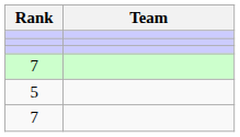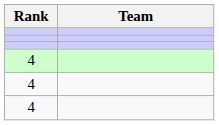 <table class="wikitable" style="text-align: center;">
 <tr>
 <th width=50>Rank</th>
 <th width=160>Team</th>
 </tr>
 <tr bgcolor=ccccff>
 <td></td>
 <td align=left></td>
 </tr>
 <tr bgcolor=ccccff>
 <td></td>
 <td align=left></td>
 </tr>
 <tr bgcolor=ccccff>
 <td></td>
 <td align=left></td>
 </tr>
 <tr bgcolor=ccffcc>
-<td>7</td>
+<td>4</td>
 <td align=left></td>
 </tr>
 <tr>
-<td>5</td>
+<td>4</td>
 <td align=left><br></td>
 </tr>
 <tr>
-<td>7</td>
+<td>4</td>
 <td align=left><br></td>
 </tr>
 </table>
